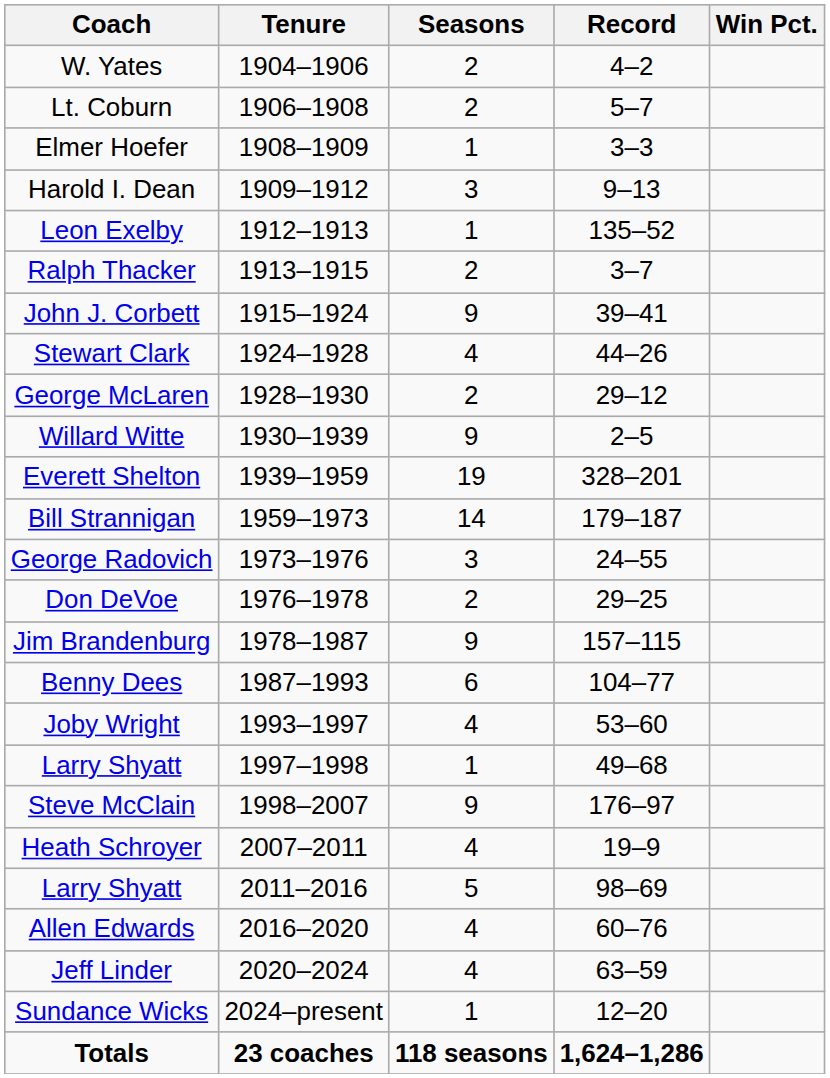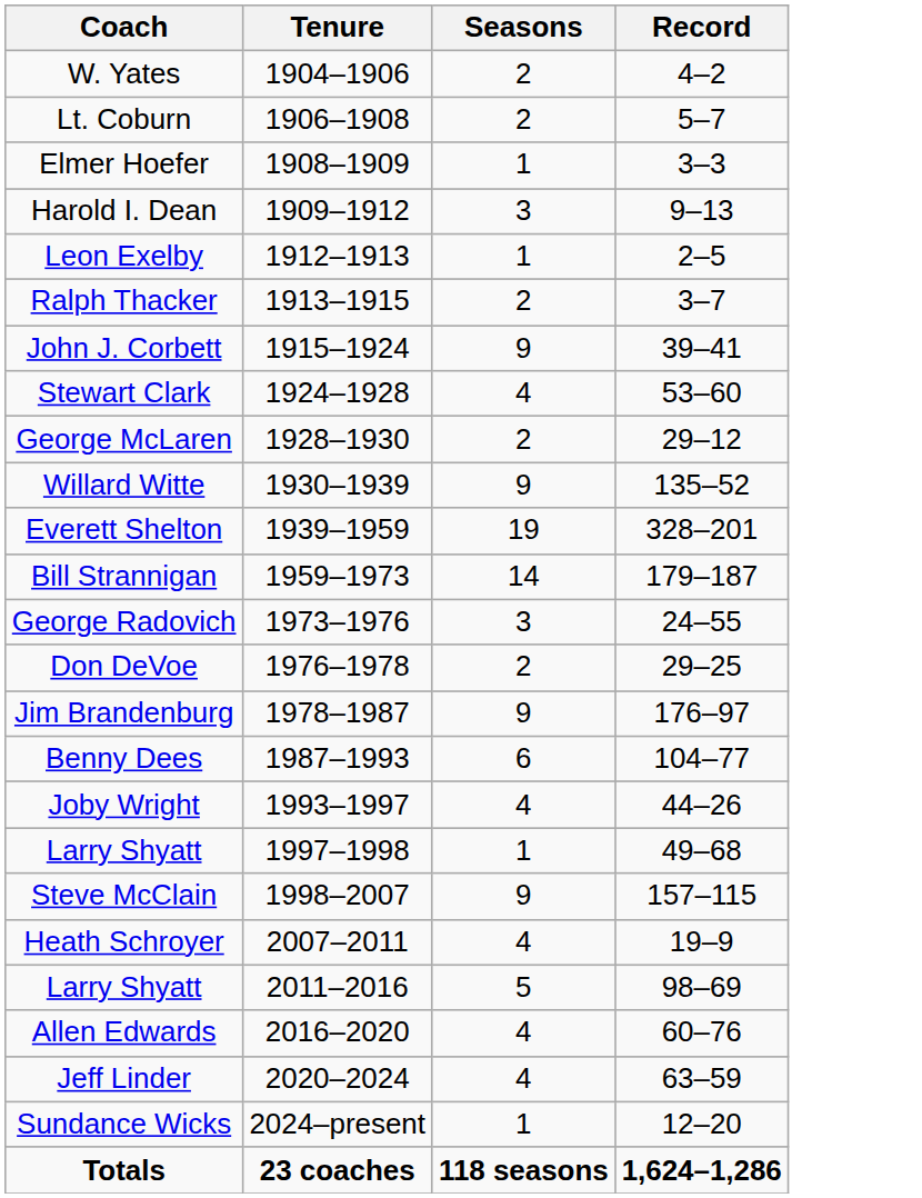 <table class="wikitable" style="text-align:center">
 <tr>
 <th>Coach</th>
 <th>Tenure</th>
 <th>Seasons</th>
 <th>Record</th>
-<th>Win Pct.</th>
 </tr>
 <tr>
 <td>W. Yates</td>
 <td>1904–1906</td>
 <td>2</td>
 <td>4–2</td>
-<td></td>
 </tr>
 <tr>
 <td>Lt. Coburn</td>
 <td>1906–1908</td>
 <td>2</td>
 <td>5–7</td>
-<td></td>
 </tr>
 <tr>
 <td>Elmer Hoefer</td>
 <td>1908–1909</td>
 <td>1</td>
 <td>3–3</td>
-<td></td>
 </tr>
 <tr>
 <td>Harold I. Dean</td>
 <td>1909–1912</td>
 <td>3</td>
 <td>9–13</td>
-<td></td>
 </tr>
 <tr>
 <td><a href='#'>Leon Exelby</a></td>
 <td>1912–1913</td>
 <td>1</td>
-<td>135–52</td>
-<td></td>
+<td>2–5</td>
 </tr>
 <tr>
 <td><a href='#'>Ralph Thacker</a></td>
 <td>1913–1915</td>
 <td>2</td>
 <td>3–7</td>
-<td></td>
 </tr>
 <tr>
 <td><a href='#'>John J. Corbett</a></td>
 <td>1915–1924</td>
 <td>9</td>
 <td>39–41</td>
-<td></td>
 </tr>
 <tr>
 <td><a href='#'>Stewart Clark</a></td>
 <td>1924–1928</td>
 <td>4</td>
-<td>44–26</td>
-<td></td>
+<td>53–60</td>
 </tr>
 <tr>
 <td><a href='#'>George McLaren</a></td>
 <td>1928–1930</td>
 <td>2</td>
 <td>29–12</td>
-<td></td>
 </tr>
 <tr>
 <td><a href='#'>Willard Witte</a></td>
 <td>1930–1939</td>
 <td>9</td>
-<td>2–5</td>
-<td></td>
+<td>135–52</td>
 </tr>
 <tr>
 <td><a href='#'>Everett Shelton</a></td>
 <td>1939–1959</td>
 <td>19</td>
 <td>328–201</td>
-<td></td>
 </tr>
 <tr>
 <td><a href='#'>Bill Strannigan</a></td>
 <td>1959–1973</td>
 <td>14</td>
 <td>179–187</td>
-<td></td>
 </tr>
 <tr>
 <td><a href='#'>George Radovich</a></td>
 <td>1973–1976</td>
 <td>3</td>
 <td>24–55</td>
-<td></td>
 </tr>
 <tr>
 <td><a href='#'>Don DeVoe</a></td>
 <td>1976–1978</td>
 <td>2</td>
 <td>29–25</td>
-<td></td>
 </tr>
 <tr>
 <td><a href='#'>Jim Brandenburg</a></td>
 <td>1978–1987</td>
 <td>9</td>
-<td>157–115</td>
-<td></td>
+<td>176–97</td>
 </tr>
 <tr>
 <td><a href='#'>Benny Dees</a></td>
 <td>1987–1993</td>
 <td>6</td>
 <td>104–77</td>
-<td></td>
 </tr>
 <tr>
 <td><a href='#'>Joby Wright</a></td>
 <td>1993–1997</td>
 <td>4</td>
-<td>53–60</td>
-<td></td>
+<td>44–26</td>
 </tr>
 <tr>
 <td><a href='#'>Larry Shyatt</a></td>
 <td>1997–1998</td>
 <td>1</td>
 <td>49–68</td>
-<td></td>
 </tr>
 <tr>
 <td><a href='#'>Steve McClain</a></td>
 <td>1998–2007</td>
 <td>9</td>
-<td>176–97</td>
-<td></td>
+<td>157–115</td>
 </tr>
 <tr>
 <td><a href='#'>Heath Schroyer</a></td>
 <td>2007–2011</td>
 <td>4</td>
 <td>19–9</td>
-<td></td>
 </tr>
 <tr>
 <td><a href='#'>Larry Shyatt</a></td>
 <td>2011–2016</td>
 <td>5</td>
 <td>98–69</td>
-<td></td>
 </tr>
 <tr>
 <td><a href='#'>Allen Edwards</a></td>
 <td>2016–2020</td>
 <td>4</td>
 <td>60–76</td>
-<td></td>
 </tr>
 <tr>
 <td><a href='#'>Jeff Linder</a></td>
 <td>2020–2024</td>
 <td>4</td>
 <td>63–59</td>
-<td></td>
 </tr>
 <tr>
 <td><a href='#'>Sundance Wicks</a></td>
 <td>2024–present</td>
 <td>1</td>
 <td>12–20</td>
-<td></td>
 </tr>
 <tr style="font-weight:bold; ">
 <td>Totals</td>
 <td>23 coaches</td>
 <td>118 seasons</td>
 <td>1,624–1,286</td>
-<td></td>
 </tr>
 </table>
